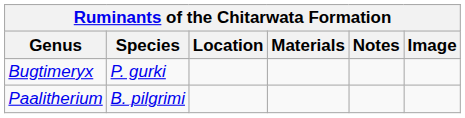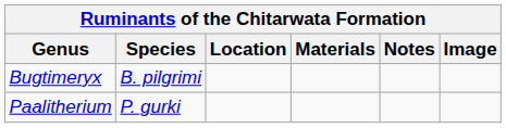 <table class="wikitable">
 <tr>
 <th colspan="7" align="center"><strong><a href='#'>Ruminants</a> of the Chitarwata Formation</strong></th>
 </tr>
 <tr>
 <th>Genus</th>
 <th>Species</th>
 <th>Location</th>
 <th>Materials</th>
 <th>Notes</th>
 <th>Image</th>
 </tr>
 <tr>
 <td><em><a href='#'>Bugtimeryx</a></em></td>
-<td><em><a href='#'>P. gurki</a></em></td>
+<td><em><a href='#'>B. pilgrimi</a></em></td>
 <td></td>
 <td></td>
 <td></td>
 <td></td>
 </tr>
 <tr>
 <td><em><a href='#'>Paalitherium</a></em></td>
-<td><em><a href='#'>B. pilgrimi</a></em></td>
+<td><em><a href='#'>P. gurki</a></em></td>
 <td></td>
 <td></td>
 <td></td>
 <td></td>
 </tr>
 </table>
